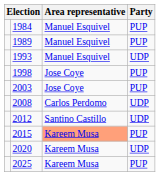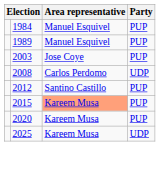 <table class="wikitable">
 <tr>
 <th colspan="2">Election</th>
 <th>Area representative</th>
 <th>Party</th>
 </tr>
 <tr>
 <td style="background-color: "></td>
 <td><a href='#'>1984</a></td>
 <td><a href='#'>Manuel Esquivel</a></td>
 <td><a href='#'>PUP</a></td>
 </tr>
 <tr>
 <td style="background-color: "></td>
 <td><a href='#'>1989</a></td>
 <td><a href='#'>Manuel Esquivel</a></td>
 <td><a href='#'>PUP</a></td>
 </tr>
 <tr>
 <td style="background-color: "></td>
-<td><a href='#'>1993</a></td>
-<td><a href='#'>Manuel Esquivel</a></td>
-<td><a href='#'>UDP</a></td>
-</tr>
-<tr>
-<td style="background-color: "></td>
-<td><a href='#'>1998</a></td>
-<td><a href='#'>Jose Coye</a></td>
-<td><a href='#'>PUP</a></td>
-</tr>
-<tr>
-<td style="background-color: "></td>
 <td><a href='#'>2003</a></td>
 <td><a href='#'>Jose Coye</a></td>
 <td><a href='#'>PUP</a></td>
 </tr>
 <tr>
 <td style="background-color: "></td>
 <td><a href='#'>2008</a></td>
 <td><a href='#'>Carlos Perdomo</a></td>
 <td><a href='#'>UDP</a></td>
 </tr>
 <tr>
 <td style="background-color: "></td>
 <td><a href='#'>2012</a></td>
 <td><a href='#'>Santino Castillo</a></td>
-<td><a href='#'>UDP</a></td>
+<td><a href='#'>PUP</a></td>
 </tr>
 <tr>
 <td style="background-color: "></td>
 <td><a href='#'>2015</a></td>
 <td style="background: lightsalmon;"><a href='#'>Kareem Musa</a></td>
 <td><a href='#'>PUP</a></td>
 </tr>
 <tr>
 <td style="background-color: "></td>
 <td><a href='#'>2020</a></td>
 <td><a href='#'>Kareem Musa</a></td>
-<td><a href='#'>UDP</a></td>
+<td><a href='#'>PUP</a></td>
 </tr>
 <tr>
 <td style="background-color: "></td>
 <td><a href='#'>2025</a></td>
 <td><a href='#'>Kareem Musa</a></td>
-<td><a href='#'>PUP</a></td>
+<td><a href='#'>UDP</a></td>
 </tr>
 </table>
